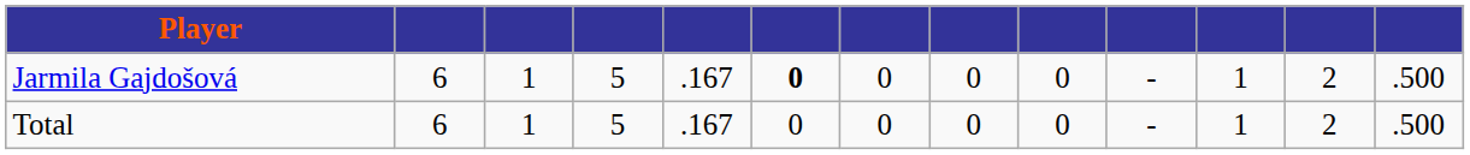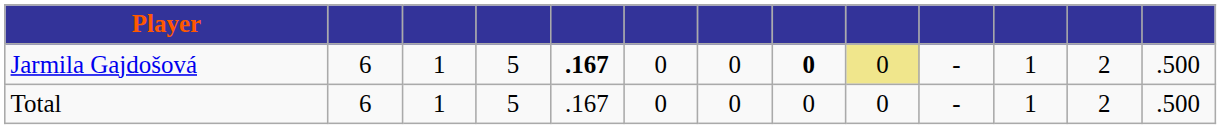 <table class="wikitable" style="text-align:center">
 <tr>
 <th style="background:#333399; color:#FF5800" width="200px">Player</th>
 <th style="background:#333399; color:#FF5800" width="40px"></th>
 <th style="background:#333399; color:#FF5800" width="40px"></th>
 <th style="background:#333399; color:#FF5800" width="40px"></th>
 <th style="background:#333399; color:#FF5800" width="40px"></th>
 <th style="background:#333399; color:#FF5800" width="40px"></th>
 <th style="background:#333399; color:#FF5800" width="40px"></th>
 <th style="background:#333399; color:#FF5800" width="40px"></th>
 <th style="background:#333399; color:#FF5800" width="40px"></th>
 <th style="background:#333399; color:#FF5800" width="40px"></th>
 <th style="background:#333399; color:#FF5800" width="40px"></th>
 <th style="background:#333399; color:#FF5800" width="40px"></th>
 <th style="background:#333399; color:#FF5800" width="40px"></th>
 </tr>
 <tr>
 <td style="text-align:left"><a href='#'>Jarmila Gajdošová</a></td>
 <td>6</td>
 <td>1</td>
 <td>5</td>
-<td>.167</td>
-<td><strong>0</strong></td>
+<td><strong>.167</strong></td>
 <td>0</td>
 <td>0</td>
-<td>0</td>
+<td><strong>0</strong></td>
+<td style="background: khaki;">0</td>
 <td>-</td>
 <td>1</td>
 <td>2</td>
 <td>.500</td>
 </tr>
 <tr>
 <td style="text-align:left">Total</td>
 <td>6</td>
 <td>1</td>
 <td>5</td>
 <td>.167</td>
 <td>0</td>
 <td>0</td>
 <td>0</td>
 <td>0</td>
 <td>-</td>
 <td>1</td>
 <td>2</td>
 <td>.500</td>
 </tr>
 </table>
